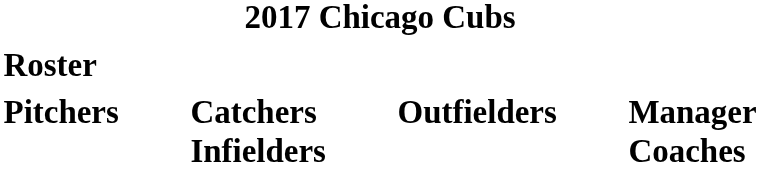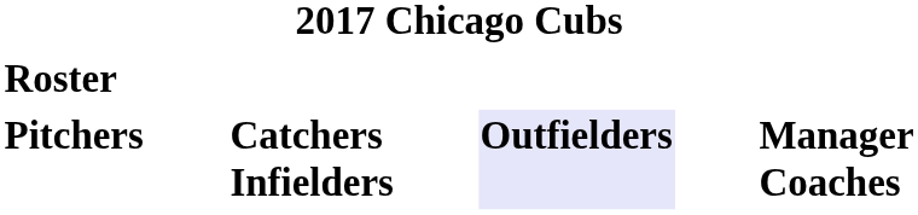 <table class="toccolours" style="font-size: 95%;">
 <tr>
 <th colspan="10">2017 Chicago Cubs</th>
 </tr>
 <tr>
 <td colspan="10"><strong>Roster</strong></td>
 </tr>
 <tr>
 <td valign="top"><strong>Pitchers</strong><br>                        </td>
 <td width="25px"></td>
 <td valign="top"><strong>Catchers</strong><br>     <strong>Infielders</strong>         </td>
 <td width="25px"></td>
-<td valign="top"><strong>Outfielders</strong><br>       </td>
+<td valign="top" style="background: lavender;"><strong>Outfielders</strong><br>       </td>
 <td width="25px"></td>
 <td valign="top"><strong>Manager</strong><br> <strong>Coaches</strong>                      </td>
 </tr>
 </table>
